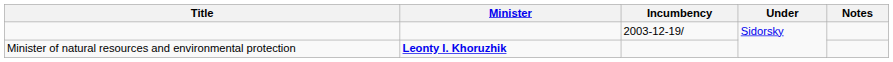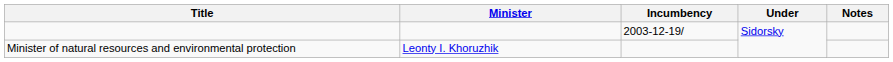 <table class="wikitable" style="width:100%;">
 <tr>
 <th>Title</th>
 <th style="width:25%;"><a href='#'>Minister</a></th>
 <th style="width:160px;">Incumbency</th>
 <th style="width:10%;">Under</th>
 <th style="width:7%;">Notes</th>
 </tr>
 <tr>
 <td></td>
 <td></td>
 <td>2003-12-19/</td>
 <td rowspan="2" style="vertical-align:top;"><a href='#'>Sidorsky</a></td>
 <td></td>
 </tr>
 <tr>
 <td>Minister of natural resources and environmental protection</td>
-<td><strong><a href='#'>Leonty I. Khoruzhik</a></strong></td>
+<td><a href='#'>Leonty I. Khoruzhik</a></td>
 <td></td>
 <td></td>
 </tr>
 </table>
